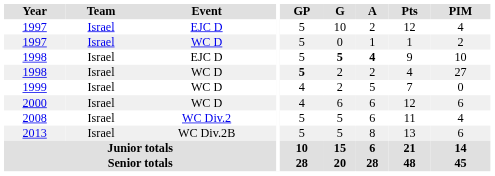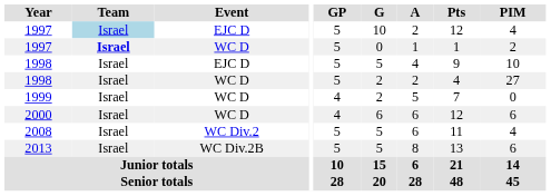 <table border="0" cellpadding="1" cellspacing="0" style="text-align:center; width:40em">
 <tr bgcolor="#e0e0e0">
 <th>Year</th>
 <th>Team</th>
 <th>Event</th>
 <th rowspan="99" bgcolor="#ffffff"></th>
 <th>GP</th>
 <th>G</th>
 <th>A</th>
 <th>Pts</th>
 <th>PIM</th>
 </tr>
 <tr>
 <td><a href='#'>1997</a></td>
-<td><a href='#'>Israel</a></td>
+<td style="background: lightblue;"><a href='#'>Israel</a></td>
 <td><a href='#'>EJC D</a></td>
 <td>5</td>
 <td>10</td>
 <td>2</td>
 <td>12</td>
 <td>4</td>
 </tr>
 <tr bgcolor="#f0f0f0">
 <td><a href='#'>1997</a></td>
-<td><a href='#'>Israel</a></td>
+<td><strong><a href='#'>Israel</a></strong></td>
 <td><a href='#'>WC D</a></td>
 <td>5</td>
 <td>0</td>
 <td>1</td>
 <td>1</td>
 <td>2</td>
 </tr>
 <tr>
 <td><a href='#'>1998</a></td>
 <td>Israel</td>
 <td>EJC D</td>
 <td>5</td>
-<td><strong>5</strong></td>
-<td><strong>4</strong></td>
+<td>5</td>
+<td>4</td>
 <td>9</td>
 <td>10</td>
 </tr>
 <tr bgcolor="#f0f0f0">
 <td><a href='#'>1998</a></td>
 <td>Israel</td>
 <td>WC D</td>
-<td><strong>5</strong></td>
+<td>5</td>
 <td>2</td>
 <td>2</td>
 <td>4</td>
 <td>27</td>
 </tr>
 <tr>
 <td><a href='#'>1999</a></td>
 <td>Israel</td>
 <td>WC D</td>
 <td>4</td>
 <td>2</td>
 <td>5</td>
 <td>7</td>
 <td>0</td>
 </tr>
 <tr bgcolor="#f0f0f0">
 <td><a href='#'>2000</a></td>
 <td>Israel</td>
 <td>WC D</td>
 <td>4</td>
 <td>6</td>
 <td>6</td>
 <td>12</td>
 <td>6</td>
 </tr>
 <tr>
 <td><a href='#'>2008</a></td>
 <td>Israel</td>
 <td><a href='#'>WC Div.2</a></td>
 <td>5</td>
 <td>5</td>
 <td>6</td>
 <td>11</td>
 <td>4</td>
 </tr>
 <tr bgcolor="#f0f0f0">
 <td><a href='#'>2013</a></td>
 <td>Israel</td>
 <td>WC Div.2B</td>
 <td>5</td>
 <td>5</td>
 <td>8</td>
 <td>13</td>
 <td>6</td>
 </tr>
 <tr bgcolor="#e0e0e0">
 <th colspan="3">Junior totals</th>
 <th>10</th>
 <th>15</th>
 <th>6</th>
 <th>21</th>
 <th>14</th>
 </tr>
 <tr bgcolor="#e0e0e0">
 <th colspan="3">Senior totals</th>
 <th>28</th>
 <th>20</th>
 <th>28</th>
 <th>48</th>
 <th>45</th>
 </tr>
 </table>
